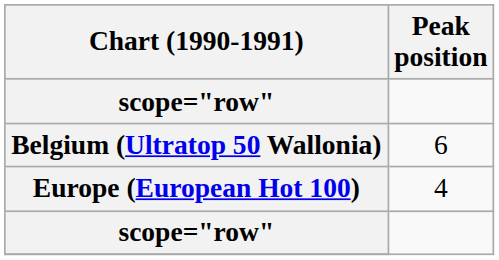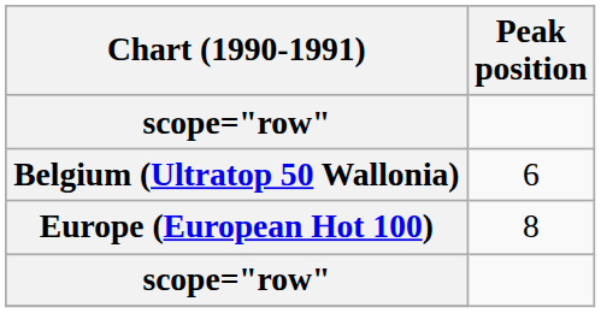 <table class="wikitable sortable plainrowheaders">
 <tr>
 <th>Chart (1990-1991)</th>
 <th>Peak<br>position</th>
 </tr>
 <tr>
 <th>scope="row"</th>
 </tr>
 <tr>
 <th scope="row">Belgium (<a href='#'>Ultratop 50</a> Wallonia)</th>
 <td align="center">6</td>
 </tr>
 <tr>
 <th scope="row">Europe (<a href='#'>European Hot 100</a>)</th>
-<td align="center">4</td>
+<td align="center">8</td>
 </tr>
 <tr>
 <th>scope="row"</th>
 </tr>
 <tr>
 </tr>
 </table>
